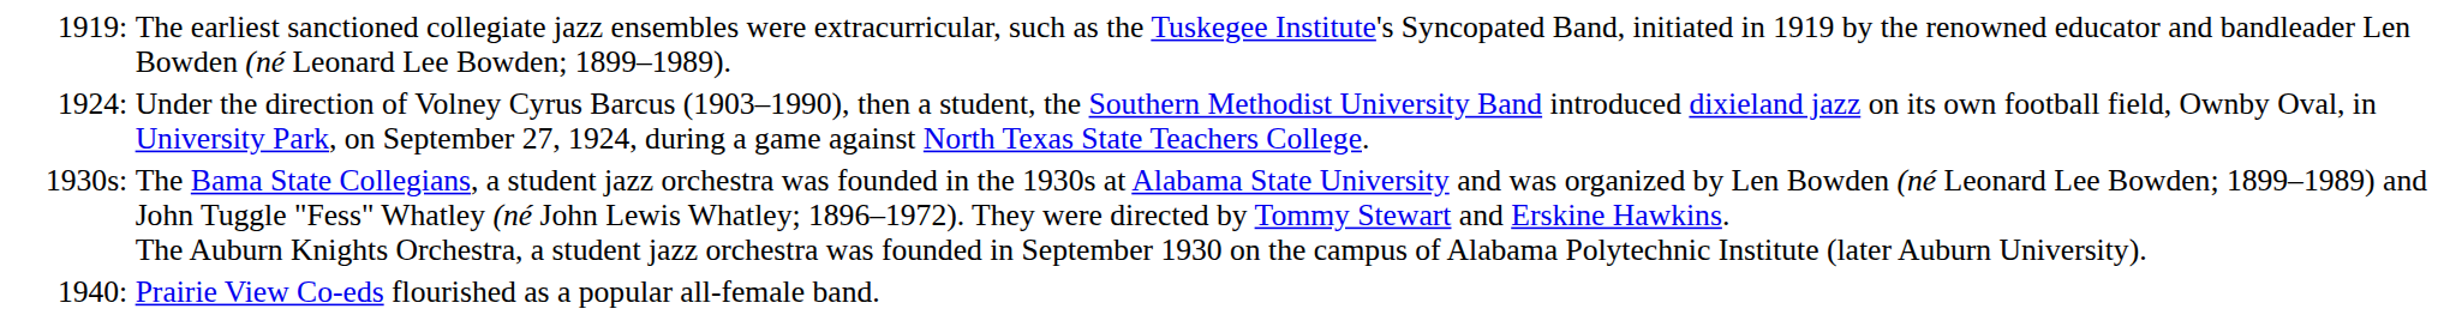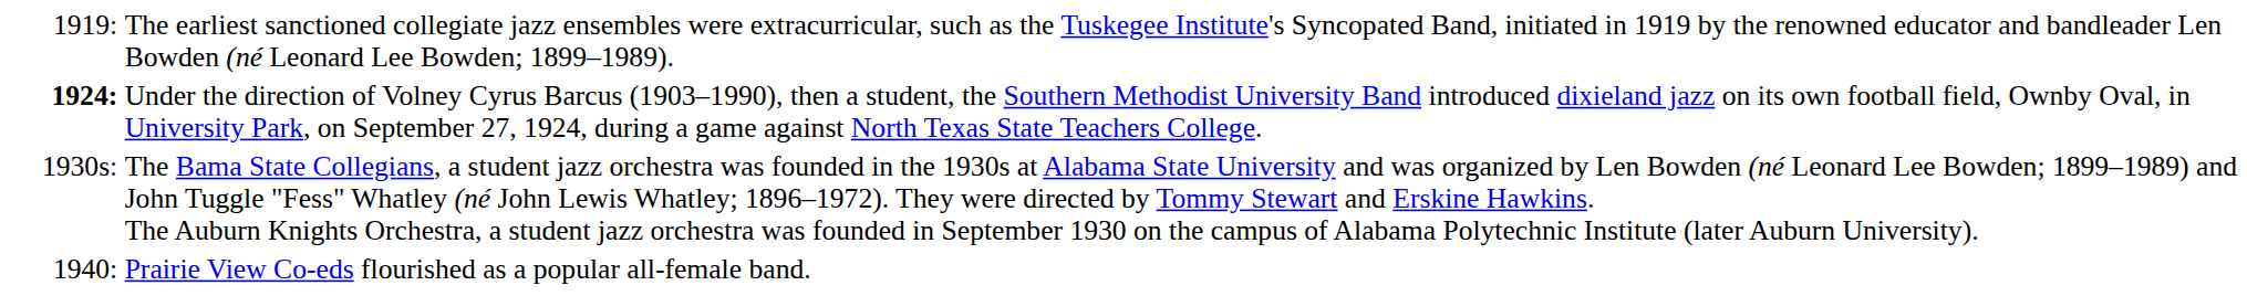 <table valign="top"; border="0" cellpadding="1" style="color:black; background-color: #FFFFFF">
 <tr valign="top">
 <td width="5%" style="text-align:right">1919:</td>
 <td width="95%" style="text-align:left">The earliest sanctioned collegiate jazz ensembles were extracurricular, such as the <a href='#'>Tuskegee Institute</a>'s Syncopated Band, initiated in 1919 by the renowned educator and bandleader Len Bowden <em>(né</em> Leonard Lee Bowden; 1899–1989).</td>
 </tr>
 <tr valign="top">
-<td width="5%" style="text-align:right">1924:</td>
+<td width="5%" style="text-align:right"><strong>1924:</strong></td>
 <td width="95%" style="text-align:left">Under the direction of Volney Cyrus Barcus (1903–1990), then a student, the <a href='#'>Southern Methodist University Band</a> introduced <a href='#'>dixieland jazz</a> on its own football field, Ownby Oval, in <a href='#'>University Park</a>, on September 27, 1924, during a game against <a href='#'>North Texas State Teachers College</a>.</td>
 </tr>
 <tr valign="top">
 <td width="5%" style="text-align:right">1930s:</td>
 <td width="95%" style="text-align:left">The <a href='#'>Bama State Collegians</a>, a student jazz orchestra was founded in the 1930s at <a href='#'>Alabama State University</a> and was organized by Len Bowden <em>(né</em> Leonard Lee Bowden; 1899–1989) and John Tuggle "Fess" Whatley <em>(né</em> John Lewis Whatley; 1896–1972). They were directed by <a href='#'>Tommy Stewart</a> and <a href='#'>Erskine Hawkins</a>.<br>The Auburn Knights Orchestra, a student jazz orchestra was founded in September 1930 on the campus of Alabama Polytechnic Institute (later Auburn University).</td>
 </tr>
 <tr valign="top">
 <td width="5%" style="text-align:right"><em></em> 1940:</td>
 <td width="95%" style="text-align:left"><a href='#'>Prairie View Co-eds</a> flourished as a popular all-female band.</td>
 </tr>
 </table>
